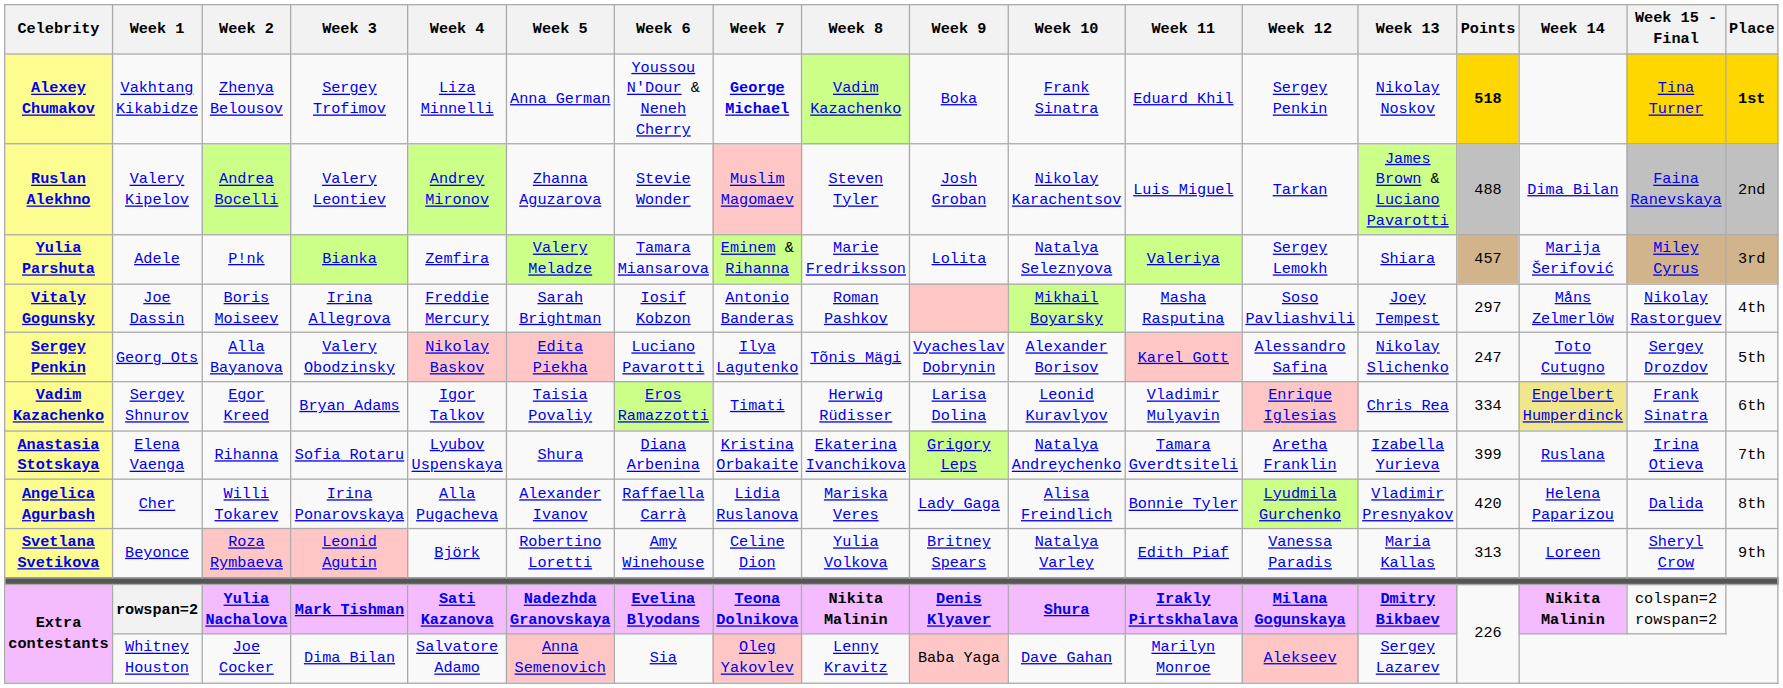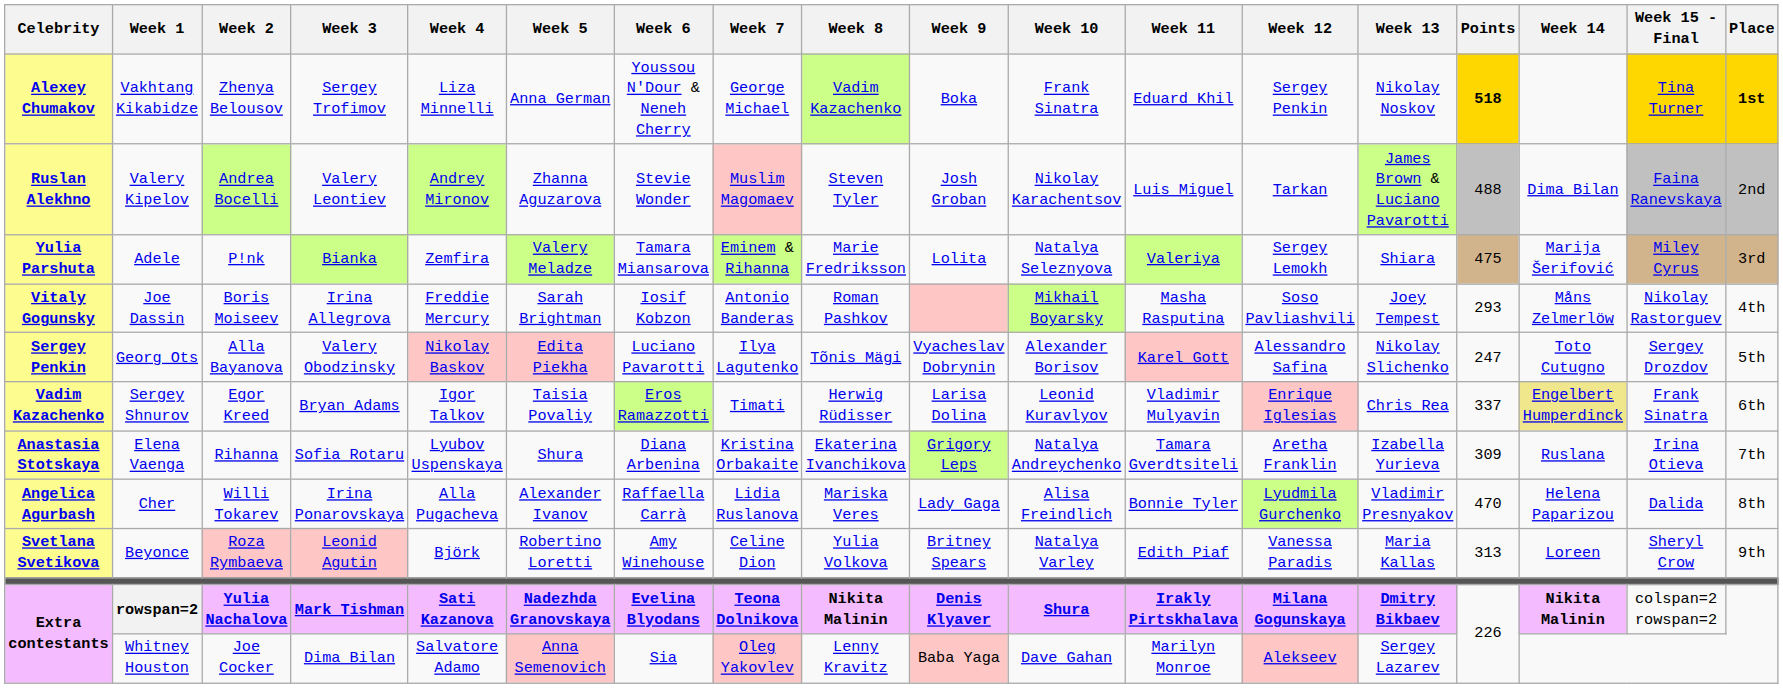 <table class="wikitable" style="text-align:center; font-size:90%; line-height:16px;" width="100%">
 <tr>
 <th>Celebrity</th>
 <th>Week 1</th>
 <th>Week 2</th>
 <th>Week 3</th>
 <th>Week 4</th>
 <th>Week 5</th>
 <th>Week 6</th>
 <th>Week 7</th>
 <th>Week 8</th>
 <th>Week 9</th>
 <th>Week 10</th>
 <th>Week 11</th>
 <th>Week 12</th>
 <th>Week 13</th>
 <th>Points</th>
 <th>Week 14</th>
 <th>Week 15 - Final</th>
 <th>Place</th>
 </tr>
 <tr>
 <th style="background:#fdfc8f;"><a href='#'>Alexey Chumakov</a></th>
 <td><a href='#'>Vakhtang Kikabidze</a></td>
 <td><a href='#'>Zhenya Belousov</a></td>
 <td><a href='#'>Sergey Trofimov</a></td>
 <td><a href='#'>Liza Minnelli</a></td>
 <td><a href='#'>Anna German</a></td>
 <td><a href='#'>Youssou N'Dour</a> & <a href='#'>Neneh Cherry</a></td>
-<td><strong><a href='#'>George Michael</a></strong></td>
+<td><a href='#'>George Michael</a></td>
 <td style="background:#ccff88;"><a href='#'>Vadim Kazachenko</a></td>
 <td><a href='#'>Boka</a></td>
 <td><a href='#'>Frank Sinatra</a></td>
 <td><a href='#'>Eduard Khil</a></td>
 <td><a href='#'>Sergey Penkin</a></td>
 <td><a href='#'>Nikolay Noskov</a></td>
 <td style="background:gold;"><strong>518</strong></td>
 <td></td>
 <td style="background:gold;"><a href='#'>Tina Turner</a></td>
 <td style="background:gold;"><strong>1st</strong></td>
 </tr>
 <tr>
 <th style="background:#fdfc8f;"><a href='#'>Ruslan Alekhno</a></th>
 <td><a href='#'>Valery Kipelov</a></td>
 <td style="background:#ccff88;"><a href='#'>Andrea Bocelli</a></td>
 <td><a href='#'>Valery Leontiev</a></td>
 <td style="background:#ccff88;"><a href='#'>Andrey Mironov</a></td>
 <td><a href='#'>Zhanna Aguzarova</a></td>
 <td><a href='#'>Stevie Wonder</a></td>
 <td style="background:#ffc6c6;"><a href='#'>Muslim Magomaev</a></td>
 <td><a href='#'>Steven Tyler</a></td>
 <td><a href='#'>Josh Groban</a></td>
 <td><a href='#'>Nikolay Karachentsov</a></td>
 <td><a href='#'>Luis Miguel</a></td>
 <td><a href='#'>Tarkan</a></td>
 <td style="background:#ccff88;"><a href='#'>James Brown</a> & <a href='#'>Luciano Pavarotti</a></td>
 <td style="background:silver;">488</td>
 <td><a href='#'>Dima Bilan</a></td>
 <td style="background:silver;"><a href='#'>Faina Ranevskaya</a></td>
 <td style="background:silver;">2nd</td>
 </tr>
 <tr>
 <th style="background:#fdfc8f;"><a href='#'>Yulia Parshuta</a></th>
 <td><a href='#'>Adele</a></td>
 <td><a href='#'>P!nk</a></td>
 <td style="background:#ccff88;"><a href='#'>Bianka</a></td>
 <td><a href='#'>Zemfira</a></td>
 <td style="background:#ccff88;"><a href='#'>Valery Meladze</a></td>
 <td><a href='#'>Tamara Miansarova</a></td>
 <td style="background:#ccff88;"><a href='#'>Eminem</a> & <a href='#'>Rihanna</a></td>
 <td><a href='#'>Marie Fredriksson</a></td>
 <td><a href='#'>Lolita</a></td>
 <td><a href='#'>Natalya Seleznyova</a></td>
 <td style="background:#ccff88;"><a href='#'>Valeriya</a></td>
 <td><a href='#'>Sergey Lemokh</a></td>
 <td><a href='#'>Shiara</a></td>
-<td style="background:tan;">457</td>
+<td style="background:tan;">475</td>
 <td><a href='#'>Marija Šerifović</a></td>
 <td style="background:tan;"><a href='#'>Miley Cyrus</a></td>
 <td style="background:tan;">3rd</td>
 </tr>
 <tr>
 <th style="background:#fdfc8f;"><a href='#'>Vitaly Gogunsky</a></th>
 <td><a href='#'>Joe Dassin</a></td>
 <td><a href='#'>Boris Moiseev</a></td>
 <td><a href='#'>Irina Allegrova</a></td>
 <td><a href='#'>Freddie Mercury</a></td>
 <td><a href='#'>Sarah Brightman</a></td>
 <td><a href='#'>Iosif Kobzon</a></td>
 <td><a href='#'>Antonio Banderas</a></td>
 <td><a href='#'>Roman Pashkov</a></td>
 <td style="background:#ffc6c6;"></td>
 <td style="background:#ccff88;"><a href='#'>Mikhail Boyarsky</a></td>
 <td><a href='#'>Masha Rasputina</a></td>
 <td><a href='#'>Soso Pavliashvili</a></td>
 <td><a href='#'>Joey Tempest</a></td>
-<td>297</td>
+<td>293</td>
 <td><a href='#'>Måns Zelmerlöw</a></td>
 <td><a href='#'>Nikolay Rastorguev</a></td>
 <td>4th</td>
 </tr>
 <tr>
 <th style="background:#fdfc8f;"><a href='#'>Sergey Penkin</a></th>
 <td><a href='#'>Georg Ots</a></td>
 <td><a href='#'>Alla Bayanova</a></td>
 <td><a href='#'>Valery Obodzinsky</a></td>
 <td style="background:#ffc6c6;"><a href='#'>Nikolay Baskov</a></td>
 <td style="background:#ffc6c6;"><a href='#'>Edita Piekha</a></td>
 <td><a href='#'>Luciano Pavarotti</a></td>
 <td><a href='#'>Ilya Lagutenko</a></td>
 <td><a href='#'>Tõnis Mägi</a></td>
 <td><a href='#'>Vyacheslav Dobrynin</a></td>
 <td><a href='#'>Alexander Borisov</a></td>
 <td style="background:#ffc6c6;"><a href='#'>Karel Gott</a></td>
 <td><a href='#'>Alessandro Safina</a></td>
 <td><a href='#'>Nikolay Slichenko</a></td>
 <td>247</td>
 <td><a href='#'>Toto Cutugno</a></td>
 <td><a href='#'>Sergey Drozdov</a></td>
 <td>5th</td>
 </tr>
 <tr>
 <th style="background:#fdfc8f;"><a href='#'>Vadim Kazachenko</a></th>
 <td><a href='#'>Sergey Shnurov</a></td>
 <td><a href='#'>Egor Kreed</a></td>
 <td><a href='#'>Bryan Adams</a></td>
 <td><a href='#'>Igor Talkov</a></td>
 <td><a href='#'>Taisia Povaliy</a></td>
 <td style="background:#ccff88;"><a href='#'>Eros Ramazzotti</a></td>
 <td><a href='#'>Timati</a></td>
 <td><a href='#'>Herwig Rüdisser</a></td>
 <td><a href='#'>Larisa Dolina</a></td>
 <td><a href='#'>Leonid Kuravlyov</a></td>
 <td><a href='#'>Vladimir Mulyavin</a></td>
 <td style="background:#ffc6c6;"><a href='#'>Enrique Iglesias</a></td>
 <td><a href='#'>Chris Rea</a></td>
-<td>334</td>
+<td>337</td>
 <td style="background: khaki;"><a href='#'>Engelbert Humperdinck</a></td>
 <td><a href='#'>Frank Sinatra</a></td>
 <td>6th</td>
 </tr>
 <tr>
 <th style="background:#fdfc8f;"><a href='#'>Anastasia Stotskaya</a></th>
 <td><a href='#'>Elena Vaenga</a></td>
 <td><a href='#'>Rihanna</a></td>
 <td><a href='#'>Sofia Rotaru</a></td>
 <td><a href='#'>Lyubov Uspenskaya</a></td>
 <td><a href='#'>Shura</a></td>
 <td><a href='#'>Diana Arbenina</a></td>
 <td><a href='#'>Kristina Orbakaite</a></td>
 <td><a href='#'>Ekaterina Ivanchikova</a></td>
 <td style="background:#ccff88;"><a href='#'>Grigory Leps</a></td>
 <td><a href='#'>Natalya Andreychenko</a></td>
 <td><a href='#'>Tamara Gverdtsiteli</a></td>
 <td><a href='#'>Aretha Franklin</a></td>
 <td><a href='#'>Izabella Yurieva</a></td>
-<td>399</td>
+<td>309</td>
 <td><a href='#'>Ruslana</a></td>
 <td><a href='#'>Irina Otieva</a></td>
 <td>7th</td>
 </tr>
 <tr>
 <th style="background:#fdfc8f;"><a href='#'>Angelica Agurbash</a></th>
 <td><a href='#'>Cher</a></td>
 <td><a href='#'>Willi Tokarev</a></td>
 <td><a href='#'>Irina Ponarovskaya</a></td>
 <td><a href='#'>Alla Pugacheva</a></td>
 <td><a href='#'>Alexander Ivanov</a></td>
 <td><a href='#'>Raffaella Carrà</a></td>
 <td><a href='#'>Lidia Ruslanova</a></td>
 <td><a href='#'>Mariska Veres</a></td>
 <td><a href='#'>Lady Gaga</a></td>
 <td><a href='#'>Alisa Freindlich</a></td>
 <td><a href='#'>Bonnie Tyler</a></td>
 <td style="background:#ccff88;"><a href='#'>Lyudmila Gurchenko</a></td>
 <td><a href='#'>Vladimir Presnyakov</a></td>
-<td>420</td>
+<td>470</td>
 <td><a href='#'>Helena Paparizou</a></td>
 <td><a href='#'>Dalida</a></td>
 <td>8th</td>
 </tr>
 <tr>
 <th style="background:#fdfc8f;"><a href='#'>Svetlana Svetikova</a></th>
 <td><a href='#'>Beyonce</a></td>
 <td style="background:#ffc6c6;"><a href='#'>Roza Rymbaeva</a></td>
 <td style="background:#ffc6c6;"><a href='#'>Leonid Agutin</a></td>
 <td><a href='#'>Björk</a></td>
 <td><a href='#'>Robertino Loretti</a></td>
 <td><a href='#'>Amy Winehouse</a></td>
 <td><a href='#'>Celine Dion</a></td>
 <td><a href='#'>Yulia Volkova</a></td>
 <td><a href='#'>Britney Spears</a></td>
 <td><a href='#'>Natalya Varley</a></td>
 <td><a href='#'>Edith Piaf</a></td>
 <td><a href='#'>Vanessa Paradis</a></td>
 <td><a href='#'>Maria Kallas</a></td>
 <td>313</td>
 <td><a href='#'>Loreen</a></td>
 <td><a href='#'>Sheryl Crow</a></td>
 <td>9th</td>
 </tr>
 <tr>
 <td colspan=18 style="background:#555555;"></td>
 </tr>
 <tr>
 <th rowspan=2 style="background:#f4bbff">Extra contestants</th>
 <th>rowspan=2 </th>
 <th style="background:#f4bbff"><a href='#'>Yulia Nachalova</a></th>
 <th style="background:#f4bbff"><a href='#'>Mark Tishman</a></th>
 <th style="background:#f4bbff"><a href='#'>Sati Kazanova</a></th>
 <th style="background:#f4bbff"><a href='#'>Nadezhda Granovskaya</a></th>
 <th style="background:#f4bbff"><a href='#'>Evelina Blyodans</a></th>
 <th style="background:#f4bbff"><a href='#'>Teona Dolnikova</a></th>
 <th style="background:#f4bbff">Nikita Malinin</th>
 <th style="background:#f4bbff"><a href='#'>Denis Klyaver</a></th>
 <th style="background:#f4bbff"><a href='#'>Shura</a></th>
 <th style="background:#f4bbff"><a href='#'>Irakly Pirtskhalava</a></th>
 <th style="background:#f4bbff"><a href='#'>Milana Gogunskaya</a></th>
 <th style="background:#f4bbff"><a href='#'>Dmitry Bikbaev</a></th>
 <td rowspan=2>226</td>
 <th style="background:#f4bbff">Nikita Malinin</th>
 <td>colspan=2 rowspan=2 </td>
 </tr>
 <tr>
 <td><a href='#'>Whitney Houston</a></td>
 <td><a href='#'>Joe Cocker</a></td>
 <td><a href='#'>Dima Bilan</a></td>
 <td><a href='#'>Salvatore Adamo</a></td>
 <td style="background:#ffc6c6;"><a href='#'>Anna Semenovich</a></td>
 <td><a href='#'>Sia</a></td>
 <td style="background:#ffc6c6;"><a href='#'>Oleg Yakovlev</a></td>
 <td><a href='#'>Lenny Kravitz</a></td>
 <td style="background:#ffc6c6;">Baba Yaga</td>
 <td><a href='#'>Dave Gahan</a></td>
 <td><a href='#'>Marilyn Monroe</a></td>
 <td style="background:#ffc6c6;"><a href='#'>Alekseev</a></td>
 <td><a href='#'>Sergey Lazarev</a></td>
 </tr>
 </table>
